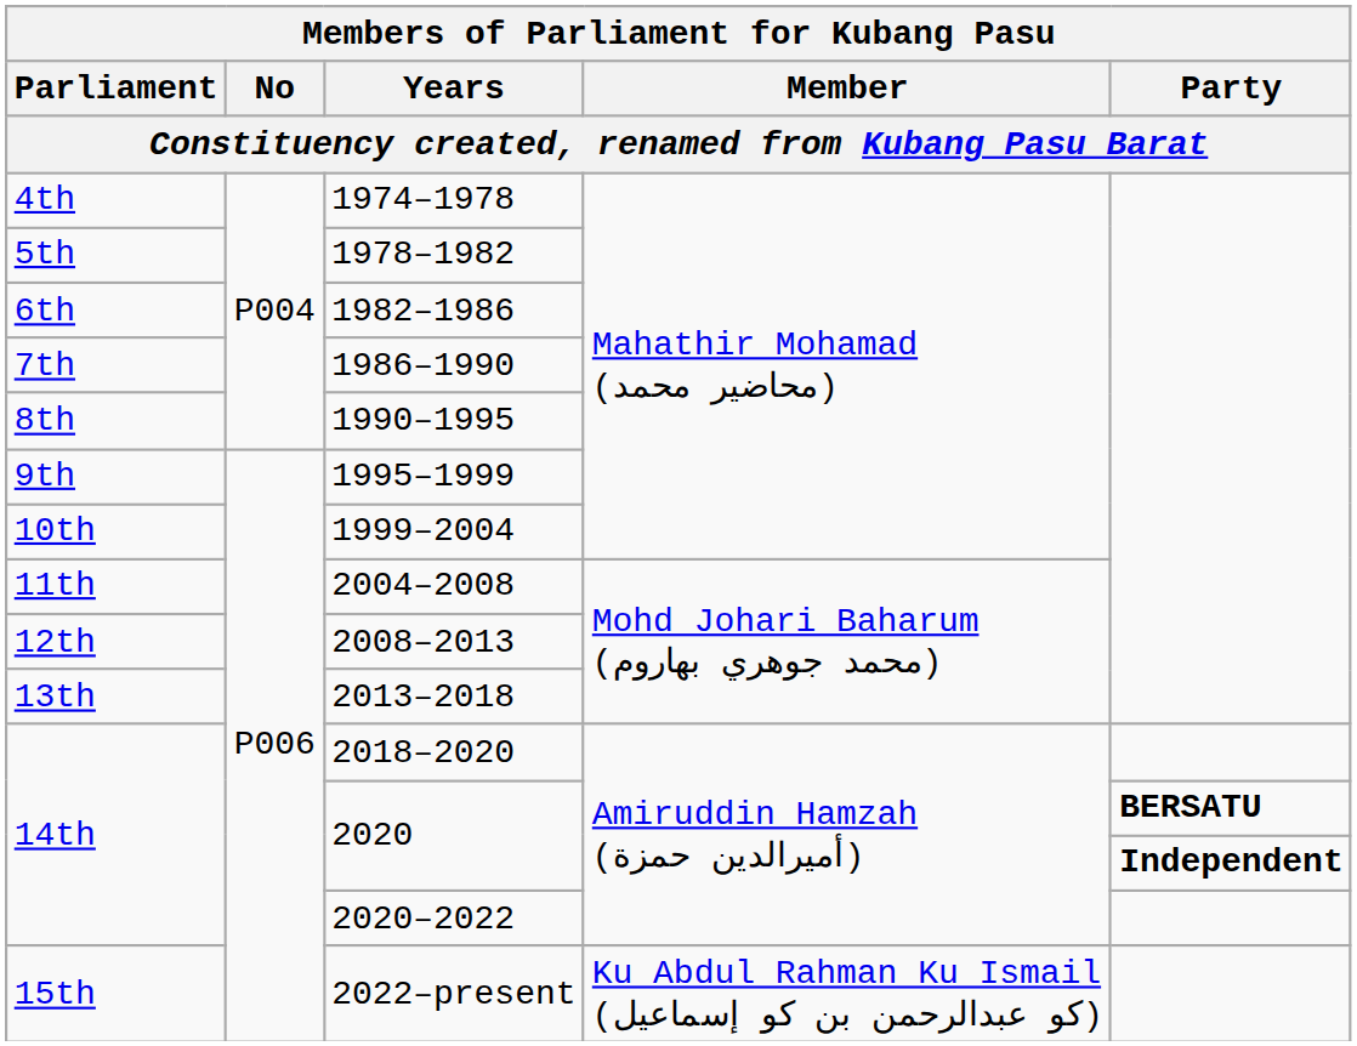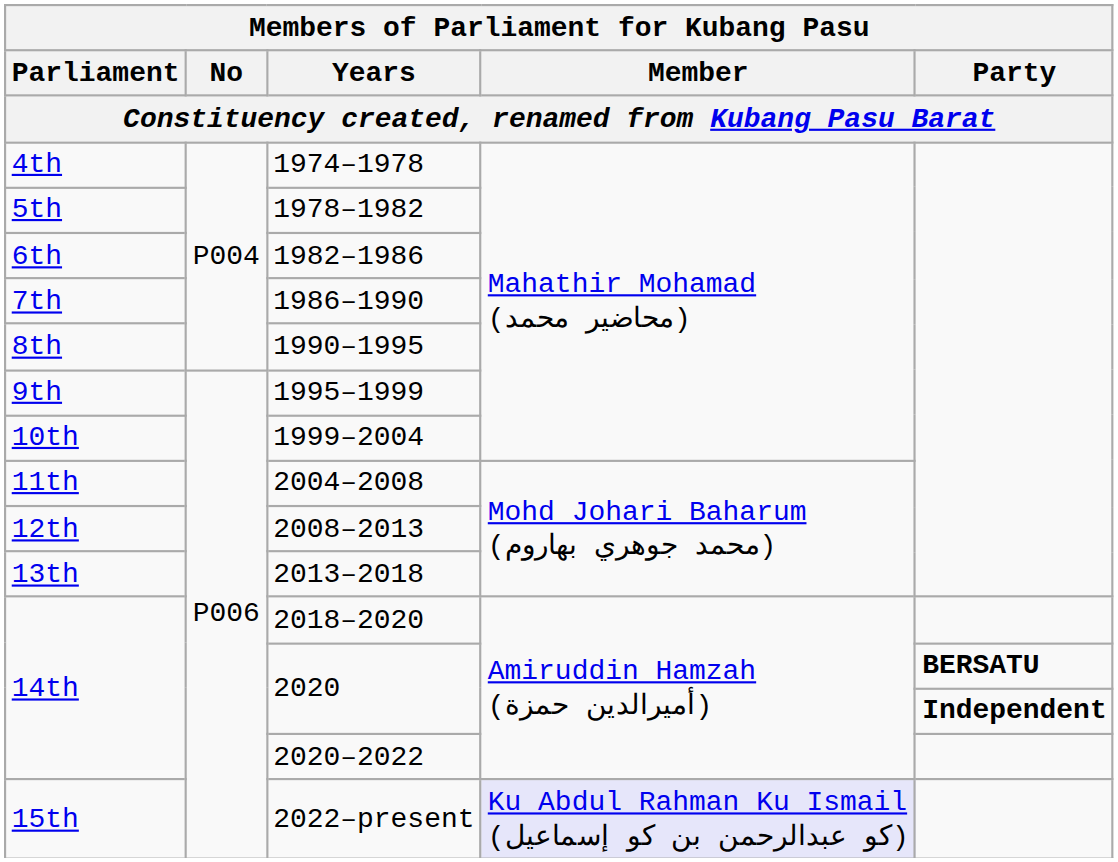 <table class=wikitable>
 <tr>
 <th colspan="5">Members of Parliament for Kubang Pasu</th>
 </tr>
 <tr>
 <th>Parliament</th>
 <th>No</th>
 <th>Years</th>
 <th>Member</th>
 <th>Party</th>
 </tr>
 <tr>
 <th colspan="5" align="center"><em>Constituency created, renamed from <a href='#'>Kubang Pasu Barat</a></em></th>
 </tr>
 <tr>
 <td><a href='#'>4th</a></td>
 <td rowspan="5">P004</td>
 <td>1974–1978</td>
 <td rowspan=7><a href='#'>Mahathir Mohamad</a>  <br> (محاضير محمد)</td>
 <td rowspan=10></td>
 </tr>
 <tr>
 <td><a href='#'>5th</a></td>
 <td>1978–1982</td>
 </tr>
 <tr>
 <td><a href='#'>6th</a></td>
 <td>1982–1986</td>
 </tr>
 <tr>
 <td><a href='#'>7th</a></td>
 <td>1986–1990</td>
 </tr>
 <tr>
 <td><a href='#'>8th</a></td>
 <td>1990–1995</td>
 </tr>
 <tr>
 <td><a href='#'>9th</a></td>
 <td rowspan="10">P006</td>
 <td>1995–1999</td>
 </tr>
 <tr>
 <td><a href='#'>10th</a></td>
 <td>1999–2004</td>
 </tr>
 <tr>
 <td><a href='#'>11th</a></td>
 <td>2004–2008</td>
 <td rowspan=3><a href='#'>Mohd Johari Baharum</a> <br>  (محمد جوهري بهاروم)</td>
 </tr>
 <tr>
 <td><a href='#'>12th</a></td>
 <td>2008–2013</td>
 </tr>
 <tr>
 <td><a href='#'>13th</a></td>
 <td>2013–2018</td>
 </tr>
 <tr>
 <td rowspan="4"><a href='#'>14th</a></td>
 <td>2018–2020</td>
 <td rowspan="4"><a href='#'>Amiruddin Hamzah</a>  <br> (أميرالدين حمزة)</td>
 <td></td>
 </tr>
 <tr>
 <td rowspan="2">2020</td>
 <td><strong>BERSATU</strong></td>
 </tr>
 <tr>
 <td><strong>Independent</strong></td>
 </tr>
 <tr>
 <td>2020–2022</td>
 <td></td>
 </tr>
 <tr>
 <td><a href='#'>15th</a></td>
 <td>2022–present</td>
-<td><a href='#'>Ku Abdul Rahman Ku Ismail</a>  <br> (كو عبدالرحمن بن كو إسماعيل)</td>
+<td style="background: lavender;"><a href='#'>Ku Abdul Rahman Ku Ismail</a>  <br> (كو عبدالرحمن بن كو إسماعيل)</td>
 <td></td>
 </tr>
 </table>
